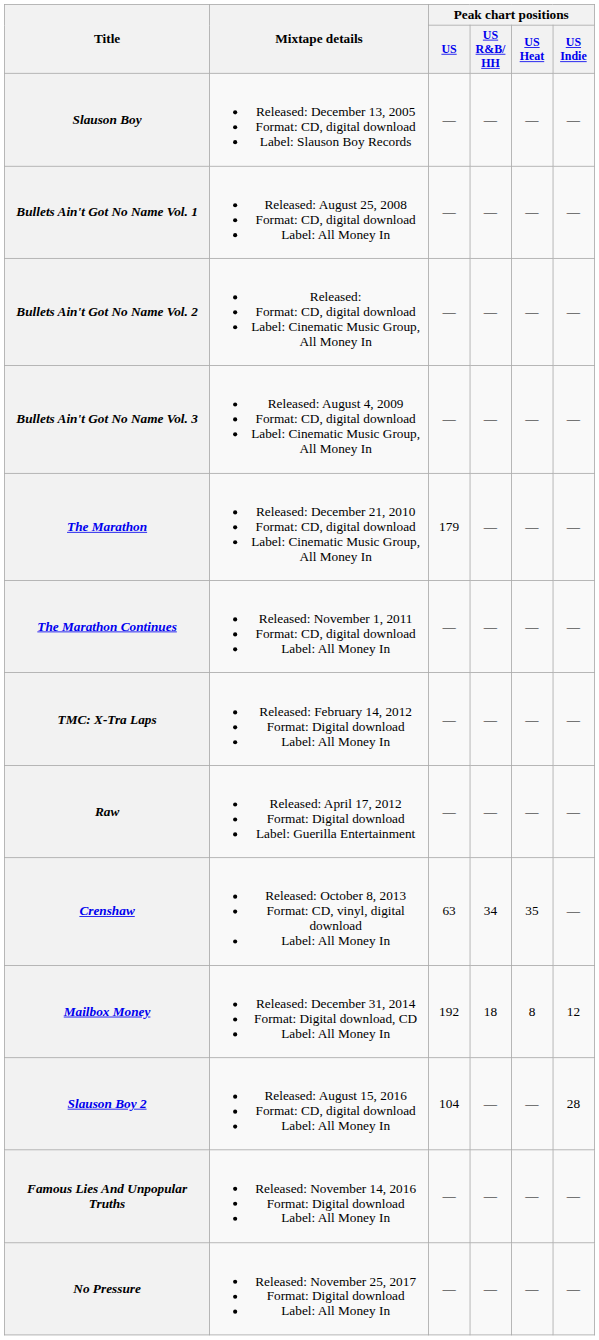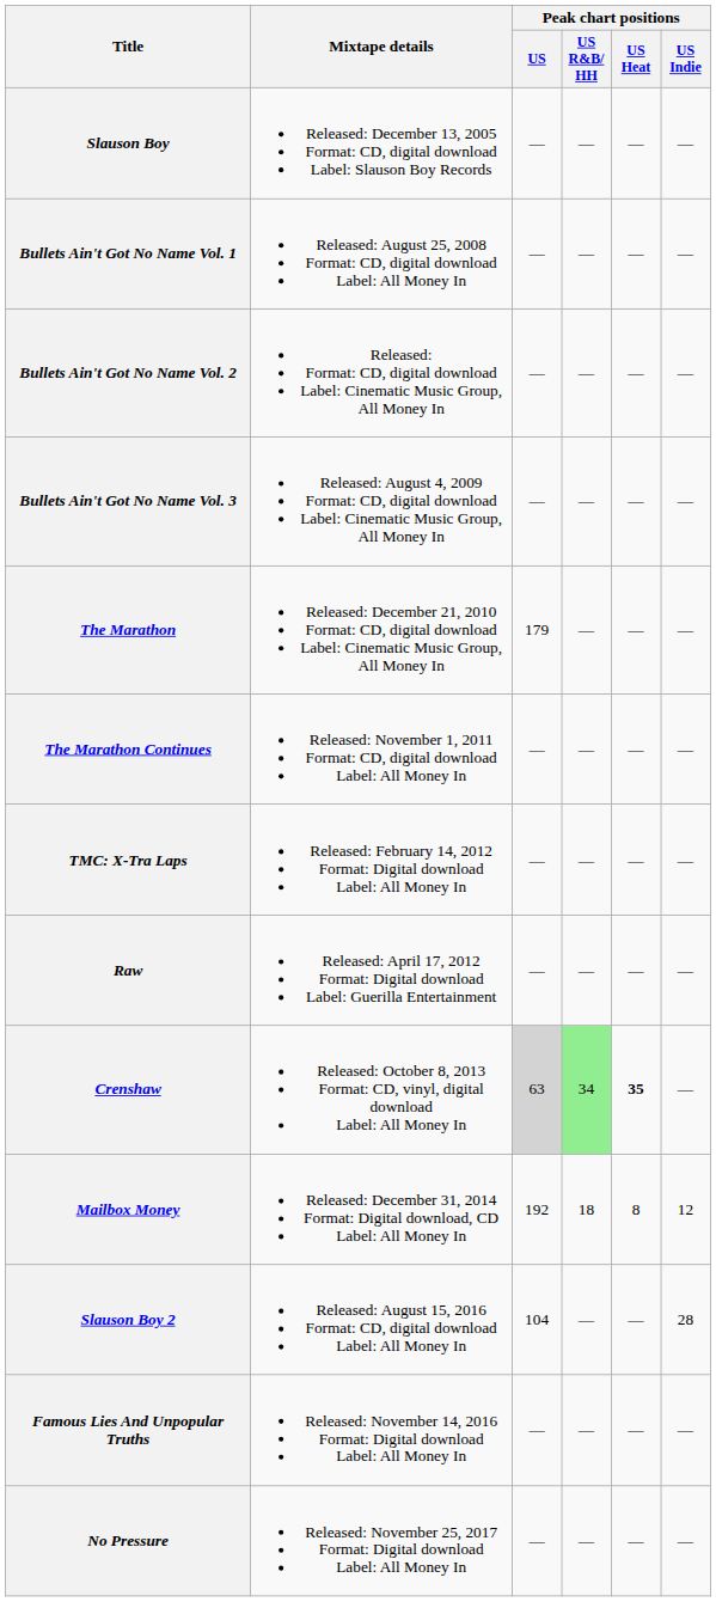 <table class="wikitable plainrowheaders" style="text-align:center;">
 <tr>
 <th scope="col" rowspan="2" style="width:15em;">Title</th>
 <th scope="col" rowspan="2" style="width:16em;">Mixtape details</th>
 <th scope="col" colspan="4">Peak chart positions</th>
 </tr>
 <tr>
 <th scope="col" style="width:3em;font-size:90%"><a href='#'>US</a><br> </th>
 <th scope="col" style="width:3em;font-size:90%"><a href='#'>US<br>R&B/<br>HH</a><br></th>
 <th scope="col" style="width:3em;font-size:90%"><a href='#'>US<br>Heat</a><br></th>
 <th scope="col" style="width:3em;font-size:90%"><a href='#'>US<br>Indie</a><br></th>
 </tr>
 <tr>
 <th scope="row"><em>Slauson Boy</em></th>
 <td><br><ul><li>Released: December 13, 2005</li><li>Format: CD, digital download</li><li>Label: Slauson Boy Records</li></ul></td>
 <td>—</td>
 <td>—</td>
 <td>—</td>
 <td>—</td>
 </tr>
 <tr>
 <th scope="row"><em>Bullets Ain't Got No Name Vol. 1</em></th>
 <td><br><ul><li>Released: August 25, 2008</li><li>Format: CD, digital download</li><li>Label: All Money In</li></ul></td>
 <td>—</td>
 <td>—</td>
 <td>—</td>
 <td>—</td>
 </tr>
 <tr>
 <th scope="row"><em>Bullets Ain't Got No Name Vol. 2</em></th>
 <td><br><ul><li>Released: </li><li>Format: CD, digital download</li><li>Label: Cinematic Music Group, All Money In</li></ul></td>
 <td>—</td>
 <td>—</td>
 <td>—</td>
 <td>—</td>
 </tr>
 <tr>
 <th scope="row"><em>Bullets Ain't Got No Name Vol. 3</em></th>
 <td><br><ul><li>Released: August 4, 2009</li><li>Format: CD, digital download</li><li>Label: Cinematic Music Group, All Money In</li></ul></td>
 <td>—</td>
 <td>—</td>
 <td>—</td>
 <td>—</td>
 </tr>
 <tr>
 <th scope="row"><em><a href='#'>The Marathon</a></em></th>
 <td><br><ul><li>Released: December 21, 2010</li><li>Format: CD, digital download</li><li>Label: Cinematic Music Group, All Money In</li></ul></td>
 <td>179</td>
 <td>—</td>
 <td>—</td>
 <td>—</td>
 </tr>
 <tr>
 <th scope="row"><em><a href='#'>The Marathon Continues</a></em></th>
 <td><br><ul><li>Released: November 1, 2011</li><li>Format: CD, digital download</li><li>Label: All Money In</li></ul></td>
 <td>—</td>
 <td>—</td>
 <td>—</td>
 <td>—</td>
 </tr>
 <tr>
 <th scope="row"><em>TMC: X-Tra Laps</em></th>
 <td><br><ul><li>Released: February 14, 2012</li><li>Format: Digital download</li><li>Label: All Money In</li></ul></td>
 <td>—</td>
 <td>—</td>
 <td>—</td>
 <td>—</td>
 </tr>
 <tr>
 <th scope="row"><em>Raw</em> <br></th>
 <td><br><ul><li>Released: April 17, 2012</li><li>Format: Digital download</li><li>Label: Guerilla Entertainment</li></ul></td>
 <td>—</td>
 <td>—</td>
 <td>—</td>
 <td>—</td>
 </tr>
 <tr>
 <th scope="row"><em><a href='#'>Crenshaw</a></em></th>
 <td><br><ul><li>Released: October 8, 2013</li><li>Format: CD, vinyl, digital download</li><li>Label: All Money In</li></ul></td>
-<td>63</td>
-<td>34</td>
-<td>35</td>
+<td style="background: lightgrey;">63</td>
+<td style="background: lightgreen;">34</td>
+<td><strong>35</strong></td>
 <td>—</td>
 </tr>
 <tr>
 <th scope="row"><em><a href='#'>Mailbox Money</a></em></th>
 <td><br><ul><li>Released: December 31, 2014</li><li>Format: Digital download, CD</li><li>Label: All Money In</li></ul></td>
 <td>192</td>
 <td>18</td>
 <td>8</td>
 <td>12</td>
 </tr>
 <tr>
 <th scope="row"><em><a href='#'>Slauson Boy 2</a></em></th>
 <td><br><ul><li>Released: August 15, 2016</li><li>Format: CD, digital download</li><li>Label: All Money In</li></ul></td>
 <td>104</td>
 <td>—</td>
 <td>—</td>
 <td>28</td>
 </tr>
 <tr>
 <th scope="row"><em>Famous Lies And Unpopular Truths</em></th>
 <td><br><ul><li>Released: November 14, 2016</li><li>Format: Digital download</li><li>Label: All Money In</li></ul></td>
 <td>—</td>
 <td>—</td>
 <td>—</td>
 <td>—</td>
 </tr>
 <tr>
 <th scope="row"><em>No Pressure</em> <br></th>
 <td><br><ul><li>Released: November 25, 2017</li><li>Format: Digital download</li><li>Label: All Money In</li></ul></td>
 <td>—</td>
 <td>—</td>
 <td>—</td>
 <td>—</td>
 </tr>
 </table>
